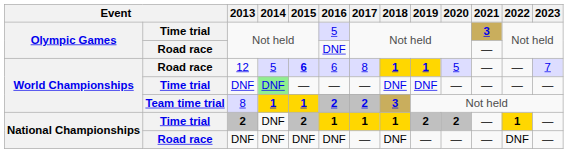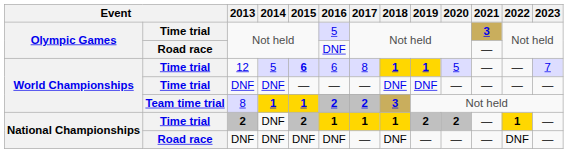 <table class="wikitable plainrowheaders">
 <tr>
 <th scope="col" colspan=2>Event</th>
 <th scope="col">2013</th>
 <th scope="col">2014</th>
 <th scope="col">2015</th>
 <th scope="col">2016</th>
 <th scope="col">2017</th>
 <th scope="col">2018</th>
 <th scope="col">2019</th>
 <th scope="col">2020</th>
 <th scope="col">2021</th>
 <th scope="col">2022</th>
 <th scope="col">2023</th>
 </tr>
 <tr style="text-align:center;">
 <th scope="row" rowspan=2> <a href='#'>Olympic Games</a></th>
 <th scope="row">Time trial</th>
 <td style="color:#4d4d4d;" colspan=3 rowspan=2>Not held</td>
 <td style="background:#ddf;"><a href='#'>5</a></td>
 <td style="color:#4d4d4d;" colspan=4 rowspan=2>Not held</td>
 <th style="background:#C9AE5D;"><a href='#'>3</a></th>
 <td style="color:#4d4d4d;" colspan=2 rowspan=2>Not held</td>
 </tr>
 <tr style="text-align:center;">
 <th scope="row">Road race</th>
 <td><a href='#'>DNF</a></td>
 <td>—</td>
 </tr>
 <tr style="text-align:center;">
 <th scope="row" rowspan=3> <a href='#'>World Championships</a></th>
-<th scope="row">Road race</th>
+<th scope="row"><a href='#'>Time trial</a></th>
 <td><a href='#'>12</a></td>
 <td style="background:#ddf;"><a href='#'>5</a></td>
 <td style="background:#ddf;"><strong><a href='#'>6</a></strong></td>
 <td style="background:#ddf;"><a href='#'>6</a></td>
 <td style="background:#ddf;"><a href='#'>8</a></td>
 <th style="background:gold;"><a href='#'>1</a></th>
 <th style="background:gold;"><a href='#'>1</a></th>
 <td style="background:#ddf;"><a href='#'>5</a></td>
 <td>—</td>
 <td>—</td>
 <td style="background:#ddf;"><a href='#'>7</a></td>
 </tr>
 <tr style="text-align:center;">
 <th scope="row"><a href='#'>Time trial</a></th>
 <td><a href='#'>DNF</a></td>
-<td style="background: lightgreen;"><a href='#'>DNF</a></td>
+<td><a href='#'>DNF</a></td>
 <td>—</td>
 <td>—</td>
 <td>—</td>
 <td><a href='#'>DNF</a></td>
 <td><a href='#'>DNF</a></td>
 <td>—</td>
 <td>—</td>
 <td>—</td>
 <td>—</td>
 </tr>
 <tr style="text-align:center;">
 <th scope="row"><a href='#'>Team time trial</a></th>
 <td style="background:#ddf;"><a href='#'>8</a></td>
 <th style="background:gold;"><a href='#'>1</a></th>
 <th style="background:gold;"><a href='#'>1</a></th>
 <th style="background:silver;"><a href='#'>2</a></th>
 <th style="background:silver;"><a href='#'>2</a></th>
 <th style="background:#C9AE5D;"><a href='#'>3</a></th>
 <td style="color:#4d4d4d;" colspan=5>Not held</td>
 </tr>
 <tr style="text-align:center;">
 <th scope="row" rowspan=2> National Championships</th>
 <th scope="row"><a href='#'>Time trial</a></th>
 <th style="background:silver;">2</th>
 <td>DNF</td>
 <th style="background:silver;">2</th>
 <th style="background:gold;">1</th>
 <th style="background:gold;">1</th>
 <th style="background:gold;">1</th>
 <th style="background:silver;">2</th>
 <th style="background:silver;">2</th>
 <td>—</td>
 <th style="background:gold;">1</th>
 <td>—</td>
 </tr>
 <tr style="text-align:center">
 <th scope="row"><a href='#'>Road race</a></th>
 <td>DNF</td>
 <td>DNF</td>
 <td>DNF</td>
 <td>DNF</td>
 <td>—</td>
 <td>DNF</td>
 <td>—</td>
 <td>—</td>
 <td>—</td>
 <td>DNF</td>
 <td>—</td>
 </tr>
 </table>
